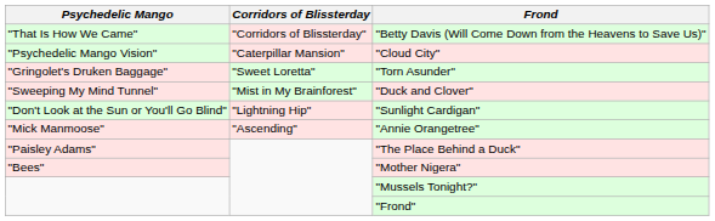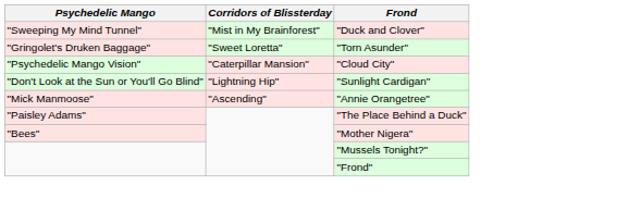 <table class="wikitable">
 <tr>
 <th><em>Psychedelic Mango</em></th>
 <th><em>Corridors of Blissterday</em></th>
 <th><em>Frond</em></th>
 </tr>
 <tr>
-<td style="background-color:#dfd">"That Is How We Came"</td>
-<td style="background-color:#ffe3e3">"Corridors of Blissterday"</td>
-<td style="background-color:#dfd">"Betty Davis (Will Come Down from the Heavens to Save Us)"</td>
-</tr>
-<tr>
-<td style="background-color:#dfd">"Psychedelic Mango Vision"</td>
-<td style="background-color:#ffe3e3">"Caterpillar Mansion"</td>
-<td style="background-color:#ffe3e3">"Cloud City"</td>
+<td style="background-color:#ffe3e3">"Sweeping My Mind Tunnel"</td>
+<td style="background-color:#dfd">"Mist in My Brainforest"</td>
+<td style="background-color:#ffe3e3">"Duck and Clover"</td>
 </tr>
 <tr>
 <td style="background-color:#ffe3e3">"Gringolet's Druken Baggage"</td>
 <td style="background-color:#dfd">"Sweet Loretta"</td>
 <td style="background-color:#dfd">"Torn Asunder"</td>
 </tr>
 <tr>
-<td style="background-color:#ffe3e3">"Sweeping My Mind Tunnel"</td>
-<td style="background-color:#dfd">"Mist in My Brainforest"</td>
-<td style="background-color:#ffe3e3">"Duck and Clover"</td>
+<td style="background-color:#dfd">"Psychedelic Mango Vision"</td>
+<td style="background-color:#ffe3e3">"Caterpillar Mansion"</td>
+<td style="background-color:#ffe3e3">"Cloud City"</td>
 </tr>
 <tr>
 <td style="background-color:#dfd">"Don't Look at the Sun or You'll Go Blind"</td>
 <td style="background-color:#ffe3e3">"Lightning Hip"</td>
 <td style="background-color:#dfd">"Sunlight Cardigan"</td>
 </tr>
 <tr>
 <td style="background-color:#ffe3e3">"Mick Manmoose"</td>
 <td style="background-color:#ffe3e3">"Ascending"</td>
 <td style="background-color:#dfd">"Annie Orangetree"</td>
 </tr>
 <tr>
 <td style="background-color:#ffe3e3">"Paisley Adams"</td>
 <td rowspan="4"></td>
 <td style="background-color:#ffe3e3">"The Place Behind a Duck"</td>
 </tr>
 <tr>
 <td style="background-color:#ffe3e3">"Bees"</td>
 <td style="background-color:#ffe3e3">"Mother Nigera"</td>
 </tr>
 <tr>
 <td rowspan="2"></td>
 <td style="background-color:#dfd">"Mussels Tonight?"</td>
 </tr>
 <tr>
 <td style="background-color:#dfd">"Frond"</td>
 </tr>
 </table>
